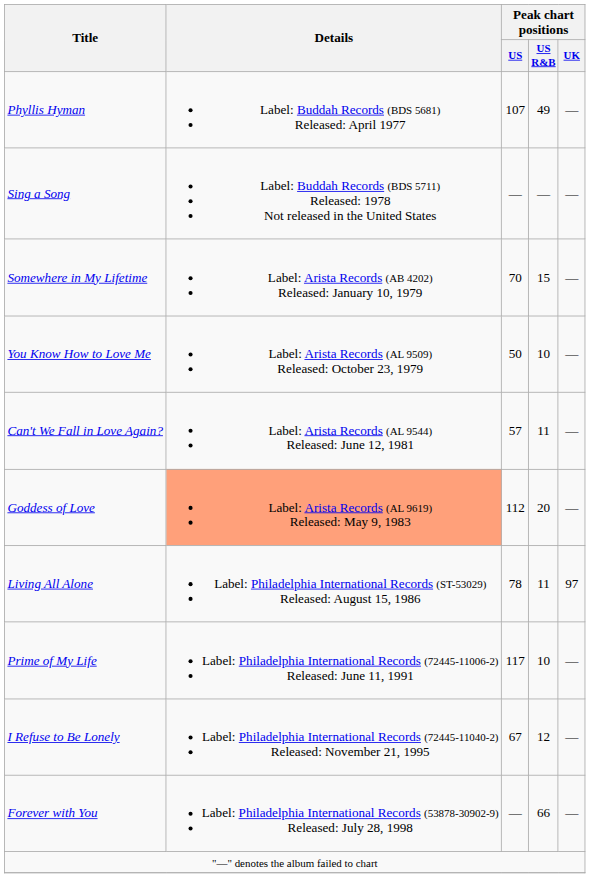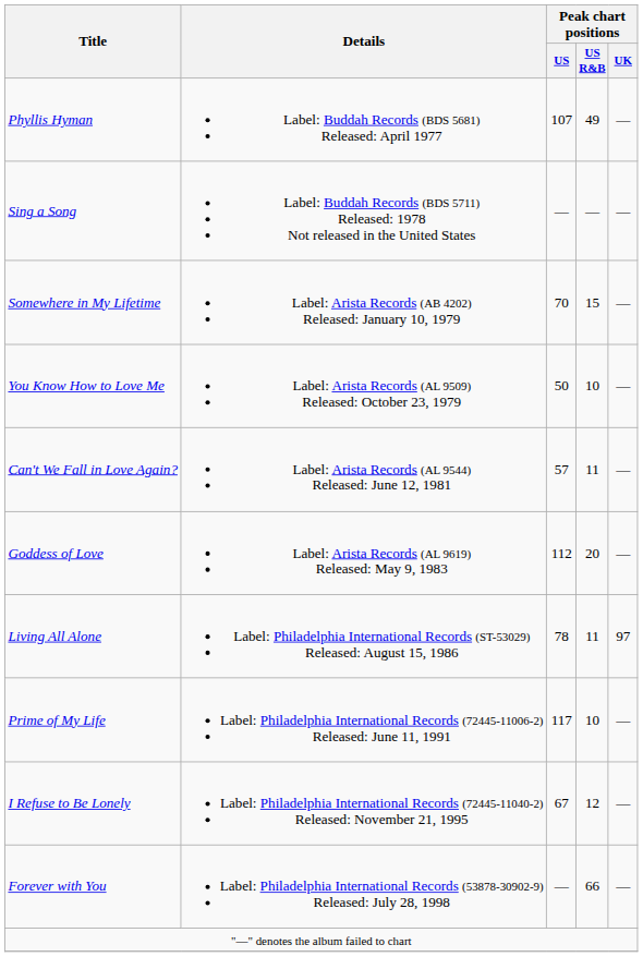 <table class="wikitable plainrowheaders" style="text-align:center;">
 <tr>
 <th scope="col" rowspan="2">Title</th>
 <th scope="col" rowspan="2">Details</th>
 <th scope="col" colspan="3">Peak chart positions</th>
 </tr>
 <tr style="font-size:smaller;">
 <th scope="col" style="width:2em"><a href='#'>US</a><br></th>
 <th scope="col" style="width:2em"><a href='#'>US<br>R&B</a><br></th>
 <th scope="col" style="width:2em"><a href='#'>UK</a><br></th>
 </tr>
 <tr>
 <td align="left"><em><a href='#'>Phyllis Hyman</a></em></td>
 <td><br><ul><li>Label: <a href='#'>Buddah Records</a> <small>(BDS 5681)</small></li><li>Released: April 1977</li></ul></td>
 <td>107</td>
 <td>49</td>
 <td>—</td>
 </tr>
 <tr>
 <td align="left"><em><a href='#'>Sing a Song</a></em></td>
 <td><br><ul><li>Label: <a href='#'>Buddah Records</a> <small>(BDS 5711)</small></li><li>Released: 1978</li><li>Not released in the United States</li></ul></td>
 <td>—</td>
 <td>—</td>
 <td>—</td>
 </tr>
 <tr>
 <td align="left"><em><a href='#'>Somewhere in My Lifetime</a></em></td>
 <td><br><ul><li>Label: <a href='#'>Arista Records</a> <small>(AB 4202)</small></li><li>Released: January 10, 1979</li></ul></td>
 <td>70</td>
 <td>15</td>
 <td>—</td>
 </tr>
 <tr>
 <td align="left"><em><a href='#'>You Know How to Love Me</a></em></td>
 <td><br><ul><li>Label: <a href='#'>Arista Records</a> <small>(AL 9509)</small></li><li>Released: October 23, 1979</li></ul></td>
 <td>50</td>
 <td>10</td>
 <td>—</td>
 </tr>
 <tr>
 <td align="left"><em><a href='#'>Can't We Fall in Love Again?</a></em></td>
 <td><br><ul><li>Label: <a href='#'>Arista Records</a> <small>(AL 9544)</small></li><li>Released: June 12, 1981</li></ul></td>
 <td>57</td>
 <td>11</td>
 <td>—</td>
 </tr>
 <tr>
 <td align="left"><em><a href='#'>Goddess of Love</a></em></td>
-<td style="background: lightsalmon;"><br><ul><li>Label: <a href='#'>Arista Records</a> <small>(AL 9619)</small></li><li>Released: May 9, 1983</li></ul></td>
+<td><br><ul><li>Label: <a href='#'>Arista Records</a> <small>(AL 9619)</small></li><li>Released: May 9, 1983</li></ul></td>
 <td>112</td>
 <td>20</td>
 <td>—</td>
 </tr>
 <tr>
 <td align="left"><em><a href='#'>Living All Alone</a></em></td>
 <td><br><ul><li>Label: <a href='#'>Philadelphia International Records</a> <small>(ST-53029)</small></li><li>Released: August 15, 1986</li></ul></td>
 <td>78</td>
 <td>11</td>
 <td>97</td>
 </tr>
 <tr>
 <td align="left"><em><a href='#'>Prime of My Life</a></em></td>
 <td><br><ul><li>Label: <a href='#'>Philadelphia International Records</a> <small>(72445-11006-2)</small></li><li>Released: June 11, 1991</li></ul></td>
 <td>117</td>
 <td>10</td>
 <td>—</td>
 </tr>
 <tr>
 <td align="left"><em><a href='#'>I Refuse to Be Lonely</a></em></td>
 <td><br><ul><li>Label: <a href='#'>Philadelphia International Records</a> <small>(72445-11040-2)</small></li><li>Released: November 21, 1995</li></ul></td>
 <td>67</td>
 <td>12</td>
 <td>—</td>
 </tr>
 <tr>
 <td align="left"><em><a href='#'>Forever with You</a></em></td>
 <td><br><ul><li>Label: <a href='#'>Philadelphia International Records</a> <small>(53878-30902-9)</small></li><li>Released: July 28, 1998</li></ul></td>
 <td>—</td>
 <td>66</td>
 <td>—</td>
 </tr>
 <tr>
 <td align="center" colspan="6"><small>"—" denotes the album failed to chart</small></td>
 </tr>
 <tr>
 </tr>
 </table>
